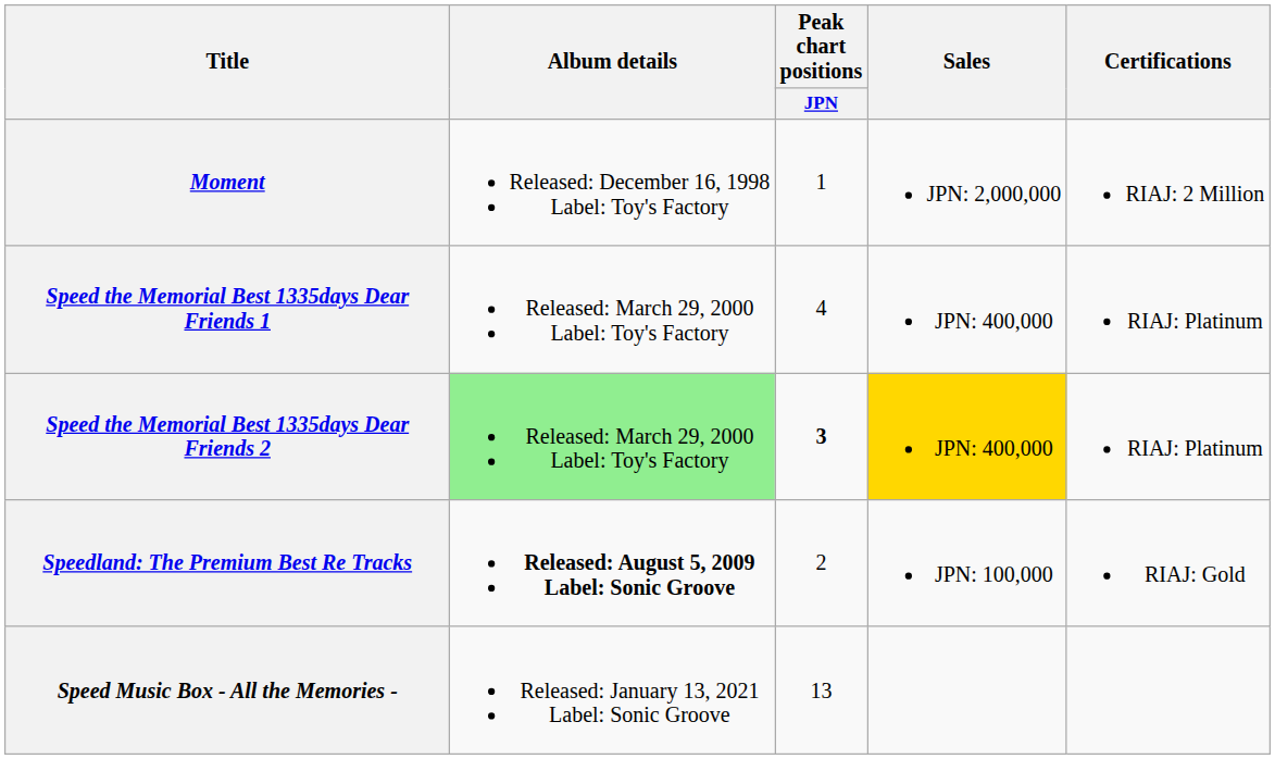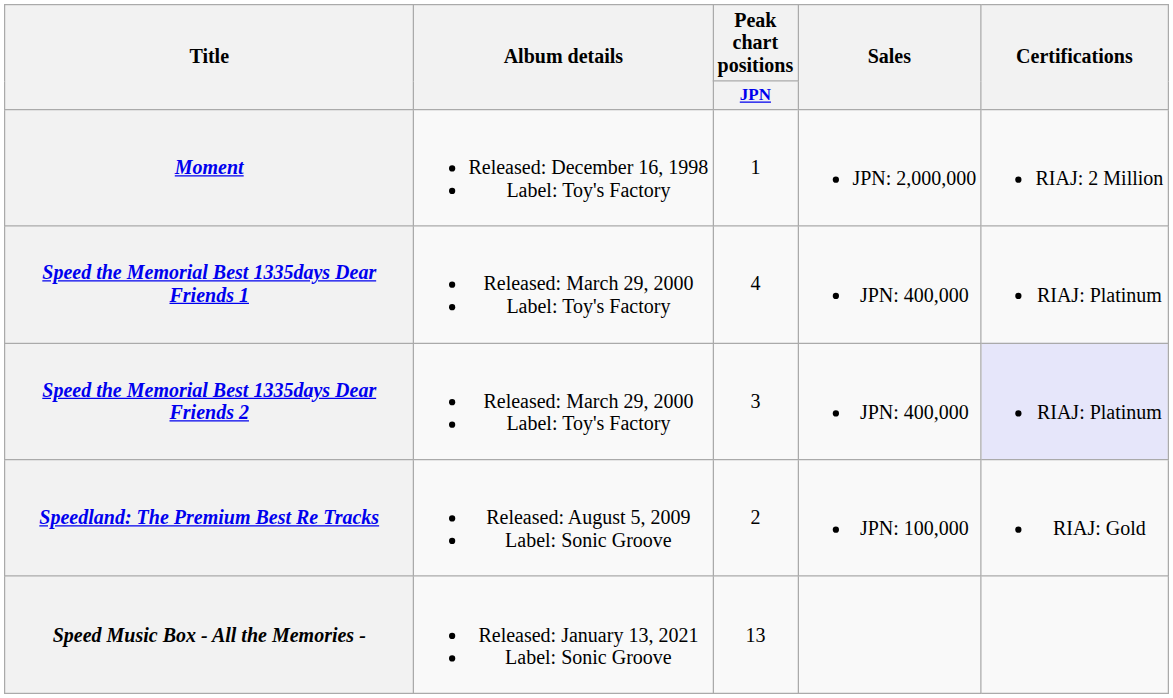 <table class="wikitable plainrowheaders" style="text-align:center;">
 <tr>
 <th rowspan="2" style="width:20em;">Title</th>
 <th rowspan="2">Album details</th>
 <th>Peak chart positions</th>
 <th rowspan="2">Sales</th>
 <th rowspan="2">Certifications</th>
 </tr>
 <tr>
 <th scope="col" style="width:2.5em;font-size:85%"><a href='#'>JPN</a><br></th>
 </tr>
 <tr>
 <th scope="row"><em><a href='#'>Moment</a></em></th>
 <td><br><ul><li>Released: December 16, 1998</li><li>Label: Toy's Factory</li></ul></td>
 <td>1</td>
 <td><br><ul><li>JPN: 2,000,000</li></ul></td>
 <td><br><ul><li>RIAJ: 2 Million</li></ul></td>
 </tr>
 <tr>
 <th scope="row"><em><a href='#'>Speed the Memorial Best 1335days Dear Friends 1</a></em></th>
 <td><br><ul><li>Released: March 29, 2000</li><li>Label: Toy's Factory</li></ul></td>
 <td>4</td>
 <td><br><ul><li>JPN: 400,000</li></ul></td>
 <td><br><ul><li>RIAJ: Platinum</li></ul></td>
 </tr>
 <tr>
 <th scope="row"><em><a href='#'>Speed the Memorial Best 1335days Dear Friends 2</a></em></th>
-<td style="background: lightgreen;"><br><ul><li>Released: March 29, 2000</li><li>Label: Toy's Factory</li></ul></td>
-<td><strong>3</strong></td>
-<td style="background: gold;"><br><ul><li>JPN: 400,000</li></ul></td>
-<td><br><ul><li>RIAJ: Platinum</li></ul></td>
+<td><br><ul><li>Released: March 29, 2000</li><li>Label: Toy's Factory</li></ul></td>
+<td>3</td>
+<td><br><ul><li>JPN: 400,000</li></ul></td>
+<td style="background: lavender;"><br><ul><li>RIAJ: Platinum</li></ul></td>
 </tr>
 <tr>
 <th scope="row"><em><a href='#'>Speedland: The Premium Best Re Tracks</a></em></th>
-<td><strong><br><ul><li>Released: August 5, 2009</li><li>Label: Sonic Groove</li></ul></strong></td>
+<td><br><ul><li>Released: August 5, 2009</li><li>Label: Sonic Groove</li></ul></td>
 <td>2</td>
 <td><br><ul><li>JPN: 100,000</li></ul></td>
 <td><br><ul><li>RIAJ: Gold</li></ul></td>
 </tr>
 <tr>
 <th scope="row"><em>Speed Music Box - All the Memories -</em></th>
 <td><br><ul><li>Released: January 13, 2021</li><li>Label: Sonic Groove</li></ul></td>
 <td>13</td>
 <td></td>
 <td></td>
 </tr>
 </table>
